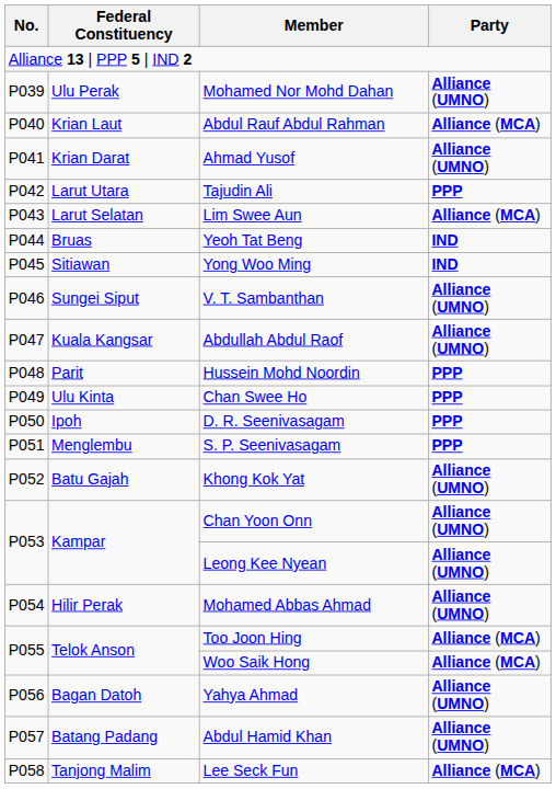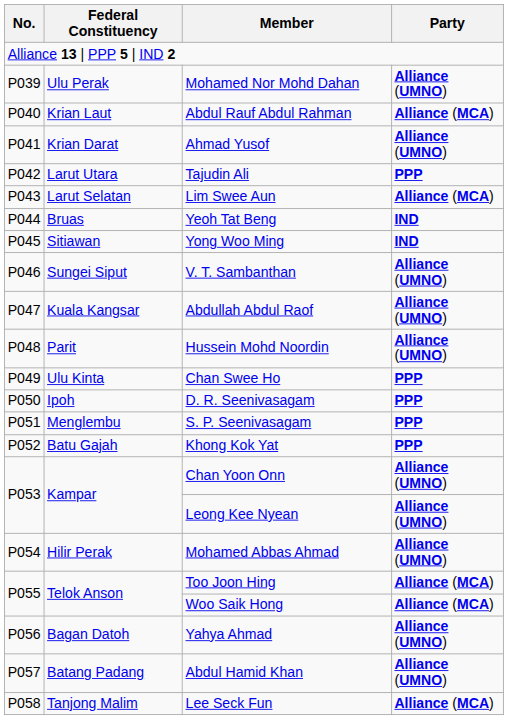 <table class="wikitable sortable">
 <tr>
 <th style="width:30px;">No.</th>
 <th style="width:150px;">Federal Constituency</th>
 <th style="width:230px;">Member</th>
 <th style="width:120px;">Party</th>
 </tr>
 <tr>
 <td colspan="4"><a href='#'>Alliance</a> <strong>13</strong> | <a href='#'>PPP</a> <strong>5</strong> | <a href='#'>IND</a> <strong>2</strong></td>
 </tr>
 <tr>
 <td>P039</td>
 <td><a href='#'>Ulu Perak</a></td>
 <td><a href='#'>Mohamed Nor Mohd Dahan</a></td>
 <td><strong><a href='#'>Alliance</a></strong> (<strong><a href='#'>UMNO</a></strong>)</td>
 </tr>
 <tr>
 <td>P040</td>
 <td><a href='#'>Krian Laut</a></td>
 <td><a href='#'>Abdul Rauf Abdul Rahman</a></td>
 <td><strong><a href='#'>Alliance</a></strong> (<strong><a href='#'>MCA</a></strong>)</td>
 </tr>
 <tr>
 <td>P041</td>
 <td><a href='#'>Krian Darat</a></td>
 <td><a href='#'>Ahmad Yusof</a></td>
 <td><strong><a href='#'>Alliance</a></strong> (<strong><a href='#'>UMNO</a></strong>)</td>
 </tr>
 <tr>
 <td>P042</td>
 <td><a href='#'>Larut Utara</a></td>
 <td><a href='#'>Tajudin Ali</a></td>
 <td><strong><a href='#'>PPP</a></strong></td>
 </tr>
 <tr>
 <td>P043</td>
 <td><a href='#'>Larut Selatan</a></td>
 <td><a href='#'>Lim Swee Aun</a></td>
 <td><strong><a href='#'>Alliance</a></strong> (<strong><a href='#'>MCA</a></strong>)</td>
 </tr>
 <tr>
 <td>P044</td>
 <td><a href='#'>Bruas</a></td>
 <td><a href='#'>Yeoh Tat Beng</a></td>
 <td><strong><a href='#'>IND</a></strong></td>
 </tr>
 <tr>
 <td>P045</td>
 <td><a href='#'>Sitiawan</a></td>
 <td><a href='#'>Yong Woo Ming</a></td>
 <td><strong><a href='#'>IND</a></strong></td>
 </tr>
 <tr>
 <td>P046</td>
 <td><a href='#'>Sungei Siput</a></td>
 <td><a href='#'>V. T. Sambanthan</a></td>
 <td><strong><a href='#'>Alliance</a></strong> (<strong><a href='#'>UMNO</a></strong>)</td>
 </tr>
 <tr>
 <td>P047</td>
 <td><a href='#'>Kuala Kangsar</a></td>
 <td><a href='#'>Abdullah Abdul Raof</a></td>
 <td><strong><a href='#'>Alliance</a></strong> (<strong><a href='#'>UMNO</a></strong>)</td>
 </tr>
 <tr>
 <td>P048</td>
 <td><a href='#'>Parit</a></td>
 <td><a href='#'>Hussein Mohd Noordin</a></td>
-<td><strong><a href='#'>PPP</a></strong></td>
+<td><strong><a href='#'>Alliance</a></strong> (<strong><a href='#'>UMNO</a></strong>)</td>
 </tr>
 <tr>
 <td>P049</td>
 <td><a href='#'>Ulu Kinta</a></td>
 <td><a href='#'>Chan Swee Ho</a></td>
 <td><strong><a href='#'>PPP</a></strong></td>
 </tr>
 <tr>
 <td>P050</td>
 <td><a href='#'>Ipoh</a></td>
 <td><a href='#'>D. R. Seenivasagam</a></td>
 <td><strong><a href='#'>PPP</a></strong></td>
 </tr>
 <tr>
 <td>P051</td>
 <td><a href='#'>Menglembu</a></td>
 <td><a href='#'>S. P. Seenivasagam</a></td>
 <td><strong><a href='#'>PPP</a></strong></td>
 </tr>
 <tr>
 <td>P052</td>
 <td><a href='#'>Batu Gajah</a></td>
 <td><a href='#'>Khong Kok Yat</a></td>
-<td><strong><a href='#'>Alliance</a></strong> (<strong><a href='#'>UMNO</a></strong>)</td>
+<td><strong><a href='#'>PPP</a></strong></td>
 </tr>
 <tr>
 <td rowspan=2>P053</td>
 <td rowspan=2><a href='#'>Kampar</a></td>
 <td><a href='#'>Chan Yoon Onn</a> </td>
 <td><strong><a href='#'>Alliance</a></strong> (<strong><a href='#'>UMNO</a></strong>)</td>
 </tr>
 <tr>
 <td><a href='#'>Leong Kee Nyean</a> </td>
 <td><strong><a href='#'>Alliance</a></strong> (<strong><a href='#'>UMNO</a></strong>)</td>
 </tr>
 <tr>
 <td>P054</td>
 <td><a href='#'>Hilir Perak</a></td>
 <td><a href='#'>Mohamed Abbas Ahmad</a></td>
 <td><strong><a href='#'>Alliance</a></strong> (<strong><a href='#'>UMNO</a></strong>)</td>
 </tr>
 <tr>
 <td rowspan=2>P055</td>
 <td rowspan=2><a href='#'>Telok Anson</a></td>
 <td><a href='#'>Too Joon Hing</a> </td>
 <td><strong><a href='#'>Alliance</a></strong> (<strong><a href='#'>MCA</a></strong>)</td>
 </tr>
 <tr>
 <td><a href='#'>Woo Saik Hong</a> </td>
 <td><strong><a href='#'>Alliance</a></strong> (<strong><a href='#'>MCA</a></strong>)</td>
 </tr>
 <tr>
 <td>P056</td>
 <td><a href='#'>Bagan Datoh</a></td>
 <td><a href='#'>Yahya Ahmad</a></td>
 <td><strong><a href='#'>Alliance</a></strong> (<strong><a href='#'>UMNO</a></strong>)</td>
 </tr>
 <tr>
 <td>P057</td>
 <td><a href='#'>Batang Padang</a></td>
 <td><a href='#'>Abdul Hamid Khan</a></td>
 <td><strong><a href='#'>Alliance</a></strong> (<strong><a href='#'>UMNO</a></strong>)</td>
 </tr>
 <tr>
 <td>P058</td>
 <td><a href='#'>Tanjong Malim</a></td>
 <td><a href='#'>Lee Seck Fun</a></td>
 <td><strong><a href='#'>Alliance</a></strong> (<strong><a href='#'>MCA</a></strong>)</td>
 </tr>
 </table>
